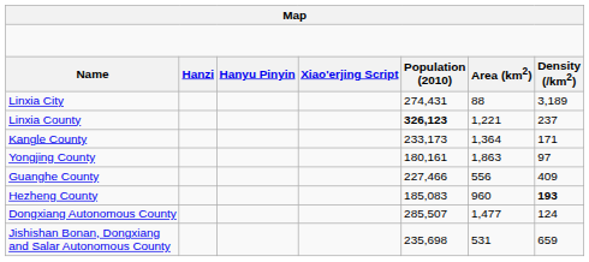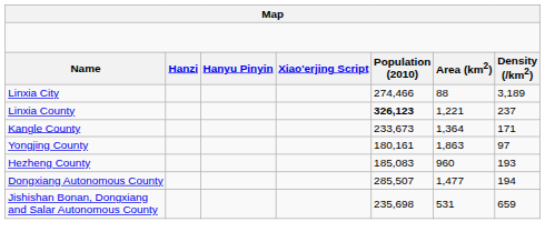 <table class="wikitable" style="font-size:90%; margin:auto;">
 <tr>
 <th colspan="7">Map</th>
 </tr>
 <tr>
 <td colspan="7"><div><br>             </div><br></td>
 </tr>
 <tr>
 <th>Name</th>
 <th><a href='#'>Hanzi</a></th>
 <th><a href='#'>Hanyu Pinyin</a></th>
 <th><a href='#'>Xiao'erjing Script</a></th>
 <th>Population<br>(2010)</th>
 <th>Area (km<sup>2</sup>)</th>
 <th>Density<br>(/km<sup>2</sup>)</th>
 </tr>
 <tr --------->
 <td><a href='#'>Linxia City</a></td>
 <td></td>
 <td></td>
 <td></td>
-<td>274,431</td>
+<td>274,466</td>
 <td>88</td>
 <td>3,189</td>
 </tr>
 <tr --------->
 <td><a href='#'>Linxia County</a></td>
 <td></td>
 <td></td>
 <td>‌</td>
 <td><strong>326,123</strong></td>
 <td>1,221</td>
 <td>237</td>
 </tr>
 <tr --------->
 <td><a href='#'>Kangle County</a></td>
 <td></td>
 <td></td>
 <td></td>
-<td>233,173</td>
+<td>233,673</td>
 <td>1,364</td>
 <td>171</td>
 </tr>
 <tr --------->
 <td><a href='#'>Yongjing County</a></td>
 <td></td>
 <td></td>
 <td></td>
 <td>180,161</td>
 <td>1,863</td>
 <td>97</td>
 </tr>
 <tr --------->
-<td><a href='#'>Guanghe County</a></td>
-<td></td>
-<td></td>
-<td></td>
-<td>227,466</td>
-<td>556</td>
-<td>409</td>
-</tr>
-<tr --------->
 <td><a href='#'>Hezheng County</a></td>
 <td></td>
 <td></td>
 <td></td>
 <td>185,083</td>
 <td>960</td>
-<td><strong>193</strong></td>
+<td>193</td>
 </tr>
 <tr --------->
 <td><a href='#'>Dongxiang Autonomous County</a></td>
 <td></td>
 <td></td>
 <td></td>
 <td>285,507</td>
 <td>1,477</td>
-<td>124</td>
+<td>194</td>
 </tr>
 <tr --------->
 <td><a href='#'>Jishishan Bonan, Dongxiang<br>and Salar Autonomous County</a></td>
 <td></td>
 <td></td>
 <td></td>
 <td>235,698</td>
 <td>531</td>
 <td>659</td>
 </tr>
 </table>
